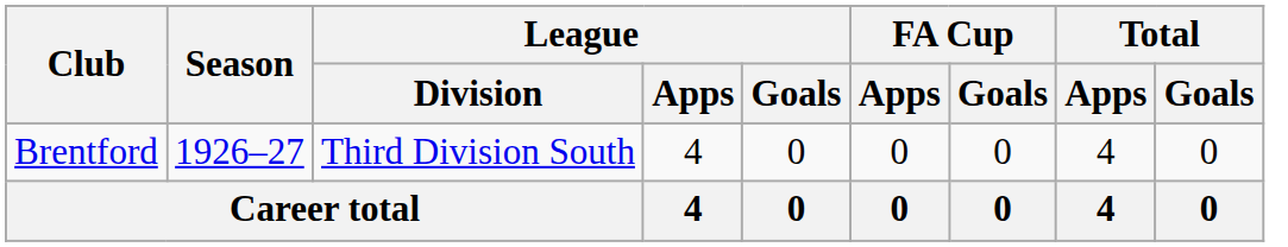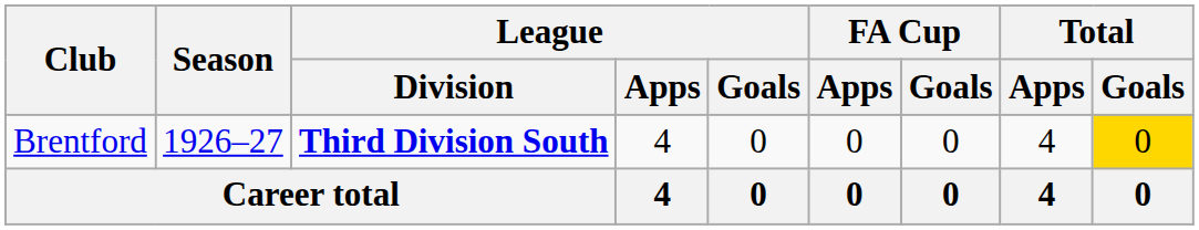 <table class="wikitable" style="text-align: center;">
 <tr>
 <th rowspan="2">Club</th>
 <th rowspan="2">Season</th>
 <th colspan="3">League</th>
 <th colspan="2">FA Cup</th>
 <th colspan="2">Total</th>
 </tr>
 <tr>
 <th>Division</th>
 <th>Apps</th>
 <th>Goals</th>
 <th>Apps</th>
 <th>Goals</th>
 <th>Apps</th>
 <th>Goals</th>
 </tr>
 <tr>
 <td><a href='#'>Brentford</a></td>
 <td><a href='#'>1926–27</a></td>
-<td><a href='#'>Third Division South</a></td>
+<td><strong><a href='#'>Third Division South</a></strong></td>
 <td>4</td>
 <td>0</td>
 <td>0</td>
 <td>0</td>
 <td>4</td>
-<td>0</td>
+<td style="background: gold;">0</td>
 </tr>
 <tr>
 <th colspan="3">Career total</th>
 <th>4</th>
 <th>0</th>
 <th>0</th>
 <th>0</th>
 <th>4</th>
 <th>0</th>
 </tr>
 </table>
